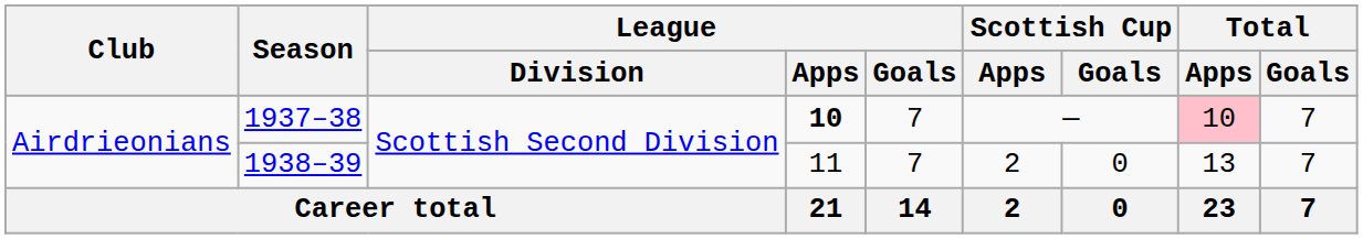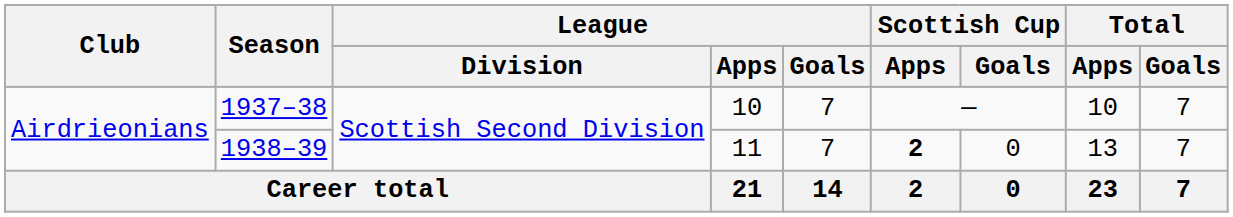 <table class="wikitable" style="text-align: center;">
 <tr>
 <th rowspan="2">Club</th>
 <th rowspan="2">Season</th>
 <th colspan="3">League</th>
 <th colspan="2">Scottish Cup</th>
 <th colspan="2">Total</th>
 </tr>
 <tr>
 <th>Division</th>
 <th>Apps</th>
 <th>Goals</th>
 <th>Apps</th>
 <th>Goals</th>
 <th>Apps</th>
 <th>Goals</th>
 </tr>
 <tr>
 <td rowspan="2"><a href='#'>Airdrieonians</a></td>
 <td><a href='#'>1937–38</a></td>
 <td rowspan="2"><a href='#'>Scottish Second Division</a></td>
-<td><strong>10</strong></td>
+<td>10</td>
 <td>7</td>
 <td colspan="2">—</td>
-<td style="background: pink;">10</td>
+<td>10</td>
 <td>7</td>
 </tr>
 <tr>
 <td><a href='#'>1938–39</a></td>
 <td>11</td>
 <td>7</td>
-<td>2</td>
+<td><strong>2</strong></td>
 <td>0</td>
 <td>13</td>
 <td>7</td>
 </tr>
 <tr>
 <th colspan="3">Career total</th>
 <th>21</th>
 <th>14</th>
 <th>2</th>
 <th>0</th>
 <th>23</th>
 <th>7</th>
 </tr>
 </table>
